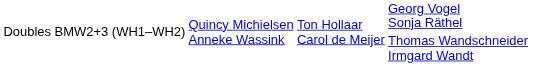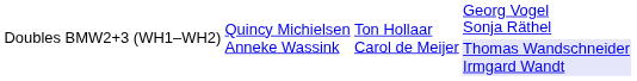 <table>
 <tr>
 <td rowspan=2>Doubles BMW2+3 (WH1–WH2)</td>
 <td rowspan=2> <a href='#'>Quincy Michielsen</a><br> <a href='#'>Anneke Wassink</a></td>
 <td rowspan=2> <a href='#'>Ton Hollaar</a><br> <a href='#'>Carol de Meijer</a></td>
 <td> <a href='#'>Georg Vogel</a><br> <a href='#'>Sonja Räthel</a></td>
 </tr>
 <tr>
-<td> <a href='#'>Thomas Wandschneider</a><br> <a href='#'>Irmgard Wandt</a></td>
+<td style="background: lavender;"> <a href='#'>Thomas Wandschneider</a><br> <a href='#'>Irmgard Wandt</a></td>
 </tr>
 </table>
